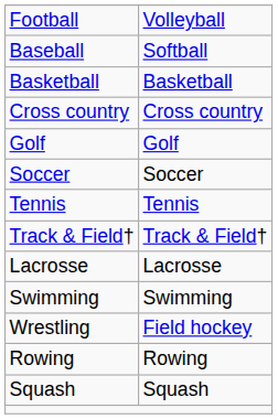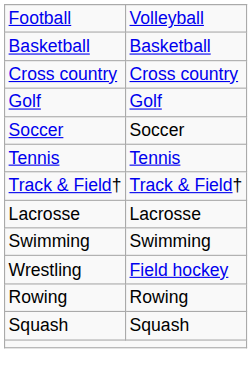 <table class="wikitable">
 <tr>
 </tr>
 <tr>
 <td><a href='#'>Football</a></td>
 <td><a href='#'>Volleyball</a></td>
-</tr>
-<tr>
-<td><a href='#'>Baseball</a></td>
-<td><a href='#'>Softball</a></td>
 </tr>
 <tr>
 <td><a href='#'>Basketball</a></td>
 <td><a href='#'>Basketball</a></td>
 </tr>
 <tr>
 <td><a href='#'>Cross country</a></td>
 <td><a href='#'>Cross country</a></td>
 </tr>
 <tr>
 <td><a href='#'>Golf</a></td>
 <td><a href='#'>Golf</a></td>
 </tr>
 <tr>
 <td><a href='#'>Soccer</a></td>
 <td>Soccer</td>
 </tr>
 <tr>
 <td><a href='#'>Tennis</a></td>
 <td><a href='#'>Tennis</a></td>
 </tr>
 <tr>
 <td><a href='#'>Track & Field</a>†</td>
 <td><a href='#'>Track & Field</a>†</td>
 </tr>
 <tr>
 <td>Lacrosse</td>
 <td>Lacrosse</td>
 </tr>
 <tr>
 <td>Swimming</td>
 <td>Swimming</td>
 </tr>
 <tr>
 <td>Wrestling</td>
 <td><a href='#'>Field hockey</a></td>
 </tr>
 <tr>
 <td>Rowing</td>
 <td>Rowing</td>
 </tr>
 <tr>
 <td>Squash</td>
 <td>Squash</td>
 </tr>
 <tr>
 <td colspan="2"></td>
 </tr>
 </table>
